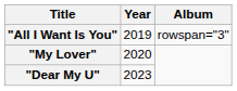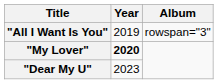 <table class="wikitable plainrowheaders" style="text-align:center;">
 <tr>
 <th scope="col">Title</th>
 <th scope="col">Year</th>
 <th scope="col">Album</th>
 </tr>
 <tr>
 <th scope="row">"All I Want Is You"</th>
 <td>2019</td>
 <td>rowspan="3" </td>
 </tr>
 <tr>
 <th scope="row">"My Lover"</th>
-<td>2020</td>
+<td><strong>2020</strong></td>
 </tr>
 <tr>
 <th scope="row">"Dear My U"</th>
 <td>2023</td>
 </tr>
 </table>
